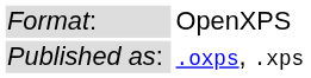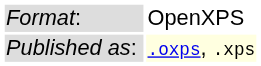 <table style="text-align:left;">
 <tr>
 <td style="background:#ddd; width:100px;"><em>Format</em>:</td>
 <td>OpenXPS</td>
 </tr>
 <tr>
 <td style="background:#ddd;"><em>Published as</em>:</td>
-<td><code><a href='#'>.oxps</a></code>, <code>.xps</code></td>
+<td style="background: lightyellow;"><code><a href='#'>.oxps</a></code>, <code>.xps</code></td>
 </tr>
 </table>
